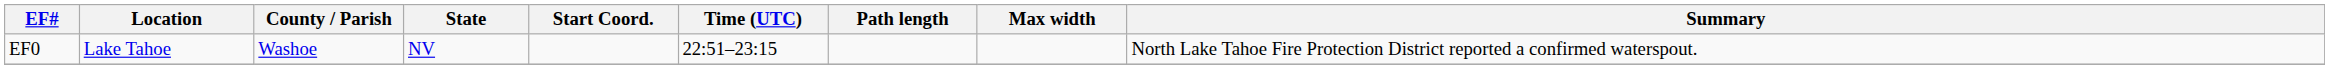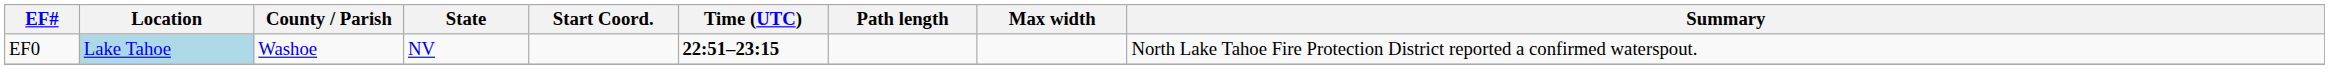 <table class="wikitable sortable" style="width:100%;">
 <tr>
 <th scope="col"  style="width:3%; text-align:center;"><a href='#'>EF#</a></th>
 <th scope="col"  style="width:7%; text-align:center;" class="unsortable">Location</th>
 <th scope="col"  style="width:6%; text-align:center;" class="unsortable">County / Parish</th>
 <th scope="col"  style="width:5%; text-align:center;">State</th>
 <th scope="col"  style="width:6%; text-align:center;">Start Coord.</th>
 <th scope="col"  style="width:6%; text-align:center;">Time (<a href='#'>UTC</a>)</th>
 <th scope="col"  style="width:6%; text-align:center;">Path length</th>
 <th scope="col"  style="width:6%; text-align:center;">Max width</th>
 <th scope="col" class="unsortable" style="width:48%; text-align:center;">Summary</th>
 </tr>
 <tr>
 <td>EF0</td>
-<td><a href='#'>Lake Tahoe</a></td>
+<td style="background: lightblue;"><a href='#'>Lake Tahoe</a></td>
 <td><a href='#'>Washoe</a></td>
 <td><a href='#'>NV</a></td>
 <td></td>
-<td>22:51–23:15</td>
+<td><strong>22:51–23:15</strong></td>
 <td></td>
 <td></td>
 <td>North Lake Tahoe Fire Protection District reported a confirmed waterspout.</td>
 </tr>
 <tr>
 </tr>
 </table>
